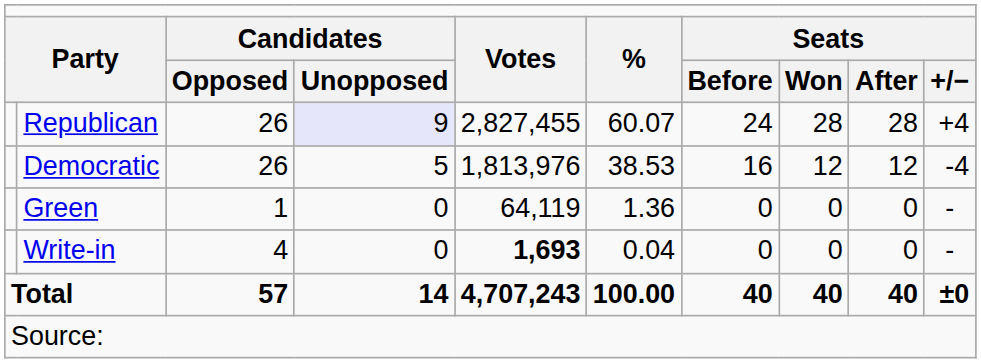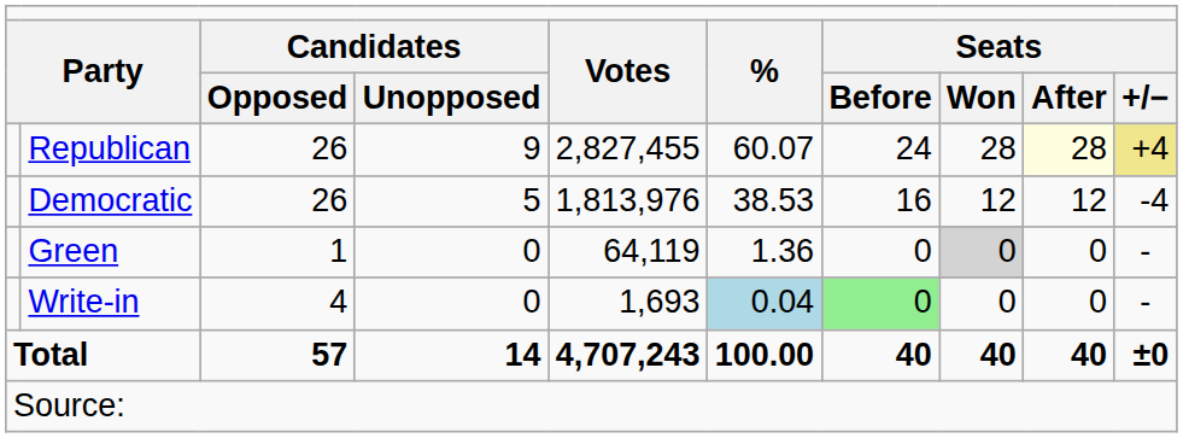 <table class="wikitable">
 <tr>
 <td colspan="12" style="text-align:center;"></td>
 </tr>
 <tr>
 <th colspan="2" rowspan="2">Party</th>
 <th colspan="2">Candidates</th>
 <th rowspan="2">Votes</th>
 <th rowspan="2">%</th>
 <th colspan="4">Seats</th>
 </tr>
 <tr>
 <th>Opposed</th>
 <th>Unopposed</th>
 <th>Before</th>
 <th>Won</th>
 <th>After</th>
 <th>+/−</th>
 </tr>
 <tr>
 <td style="background-color:"></td>
 <td><a href='#'>Republican</a></td>
 <td style="text-align:right;">26</td>
-<td style="background: lavender; text-align:right;">9</td>
+<td style="text-align:right;">9</td>
 <td style="text-align:right;">2,827,455</td>
 <td style="text-align:right;">60.07</td>
 <td style="text-align:right;">24</td>
 <td style="text-align:right;">28</td>
-<td style="text-align:right;">28</td>
-<td style="text-align:right;">+4</td>
+<td style="background: lightyellow; text-align:right;">28</td>
+<td style="background: khaki; text-align:right;">+4</td>
 </tr>
 <tr>
 <td style="background-color:"></td>
 <td><a href='#'>Democratic</a></td>
 <td style="text-align:right;">26</td>
 <td style="text-align:right;">5</td>
 <td style="text-align:right;">1,813,976</td>
 <td style="text-align:right;">38.53</td>
 <td style="text-align:right;">16</td>
 <td style="text-align:right;">12</td>
 <td style="text-align:right;">12</td>
 <td style="text-align:right;">-4</td>
 </tr>
 <tr>
 <td style="background-color:"></td>
 <td><a href='#'>Green</a></td>
 <td style="text-align:right;">1</td>
 <td style="text-align:right;">0</td>
 <td style="text-align:right;">64,119</td>
 <td style="text-align:right;">1.36</td>
 <td style="text-align:right;">0</td>
-<td style="text-align:right;">0</td>
+<td style="background: lightgrey; text-align:right;">0</td>
 <td style="text-align:right;">0</td>
 <td style="text-align:center;">-</td>
 </tr>
 <tr>
 <td style="background-color:"></td>
 <td><a href='#'>Write-in</a></td>
 <td style="text-align:right;">4</td>
 <td style="text-align:right;">0</td>
-<td style="text-align:right;"><strong>1,693</strong></td>
-<td style="text-align:right;">0.04</td>
-<td style="text-align:right;">0</td>
+<td style="text-align:right;">1,693</td>
+<td style="background: lightblue; text-align:right;">0.04</td>
+<td style="background: lightgreen; text-align:right;">0</td>
 <td style="text-align:right;">0</td>
 <td style="text-align:right;">0</td>
 <td style="text-align:center;">-</td>
 </tr>
 <tr>
 <td colspan="2"><strong>Total</strong></td>
 <td style="text-align:right;"><strong>57</strong></td>
 <td style="text-align:right;"><strong>14</strong></td>
 <td style="text-align:right;"><strong>4,707,243</strong></td>
 <td style="text-align:right;"><strong>100.00</strong></td>
 <td style="text-align:right;"><strong>40</strong></td>
 <td style="text-align:right;"><strong>40</strong></td>
 <td style="text-align:right;"><strong>40</strong></td>
 <td style="text-align:right;"><strong>±0</strong></td>
 </tr>
 <tr>
 <td colspan="10">Source: <em></em></td>
 </tr>
 </table>
